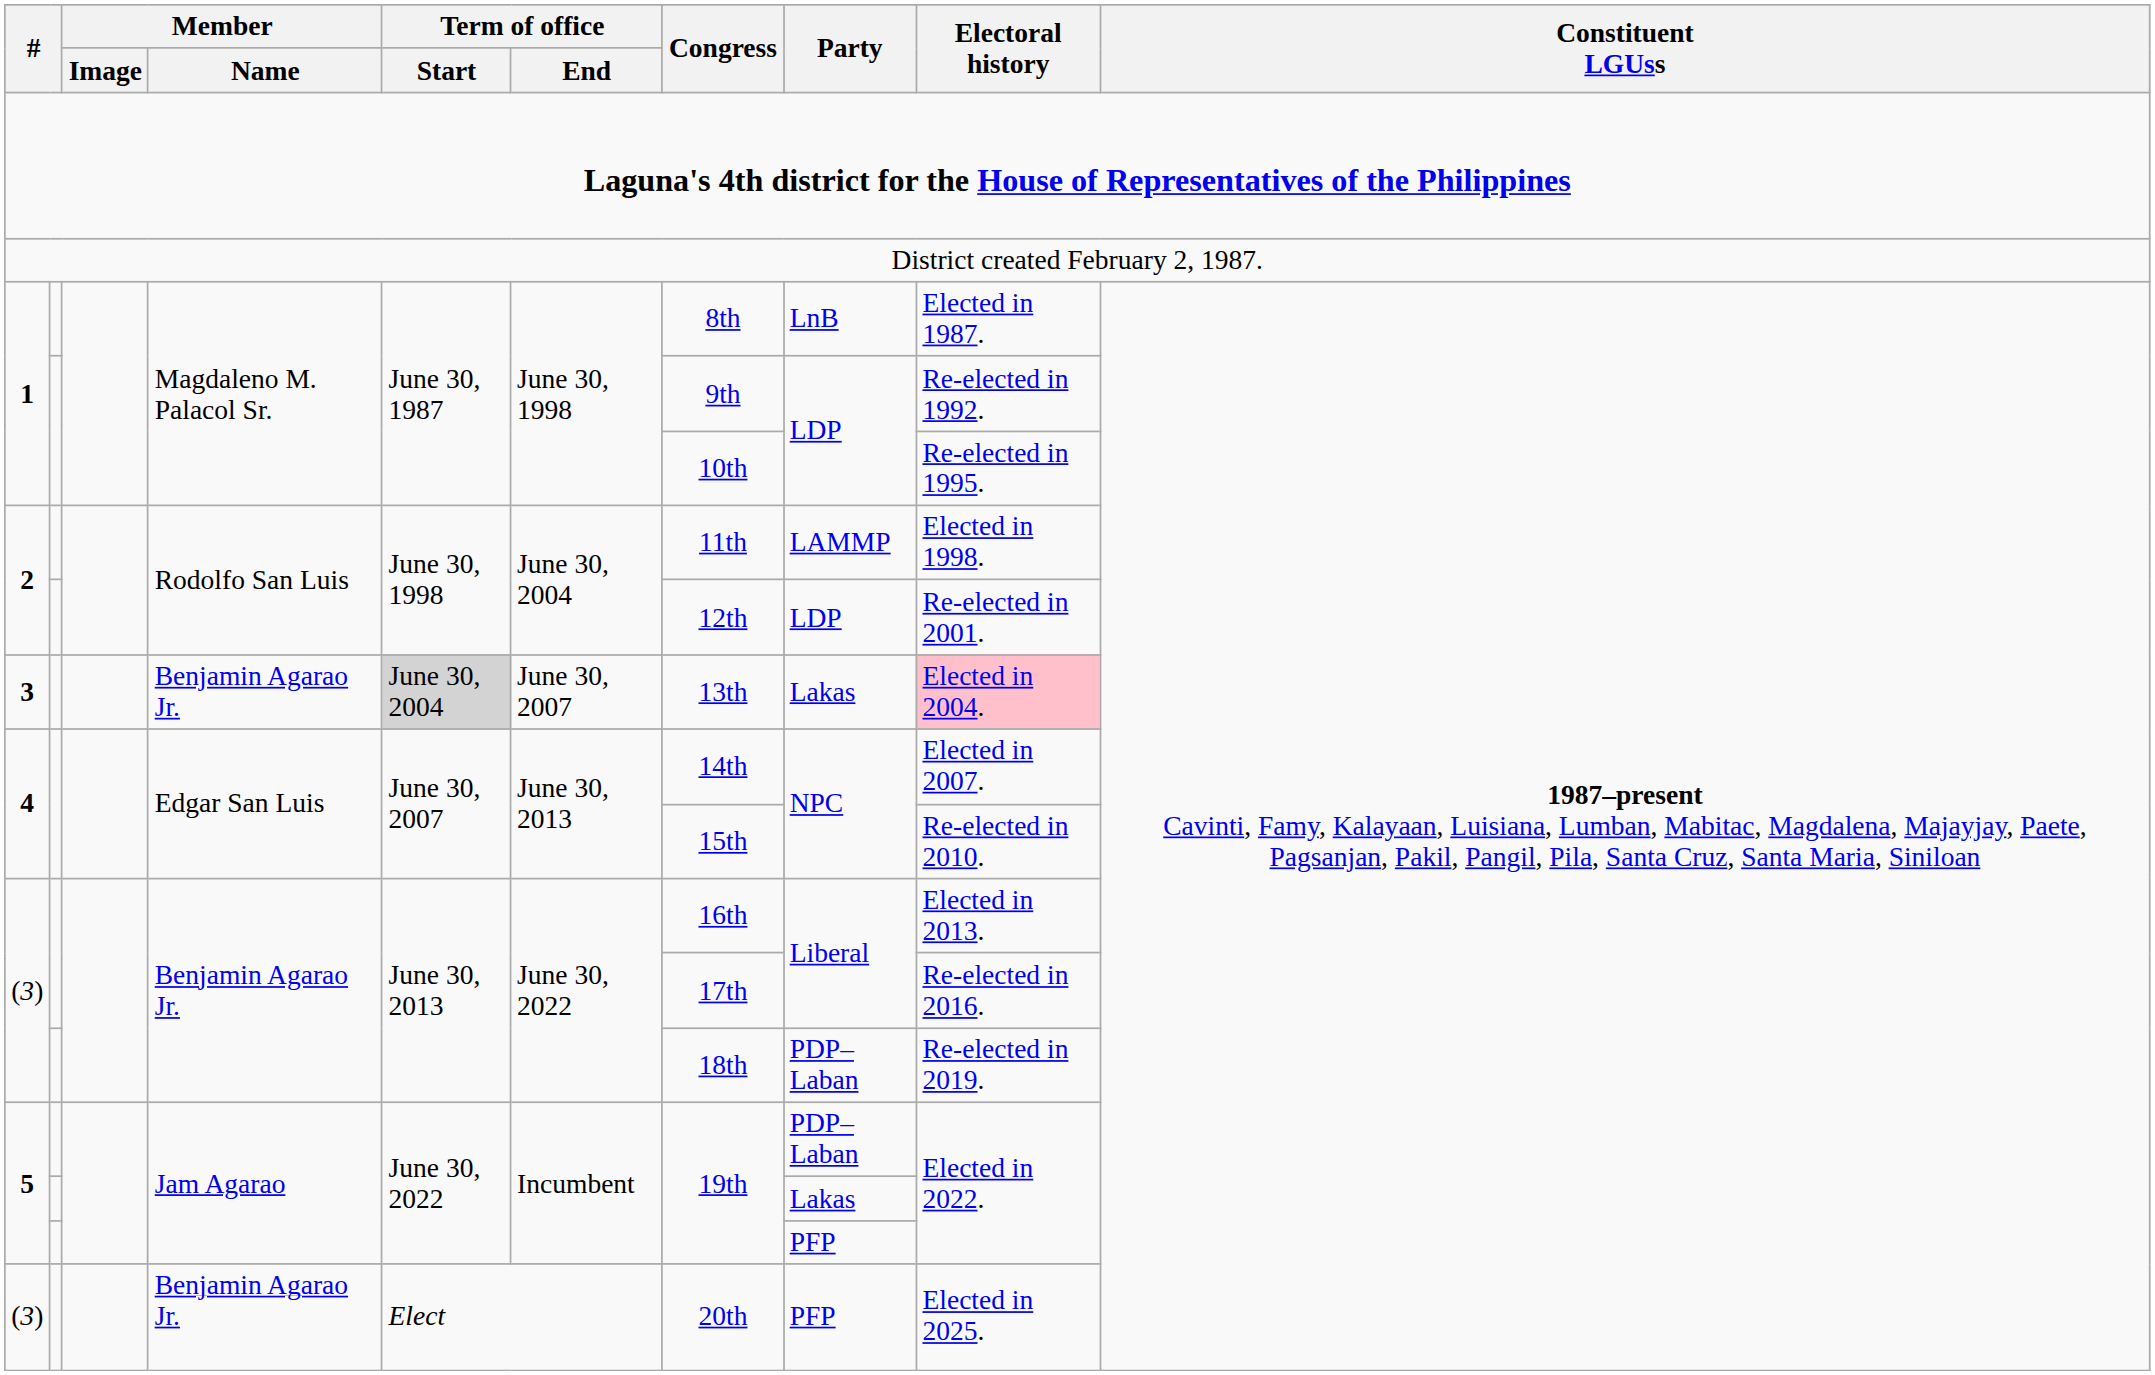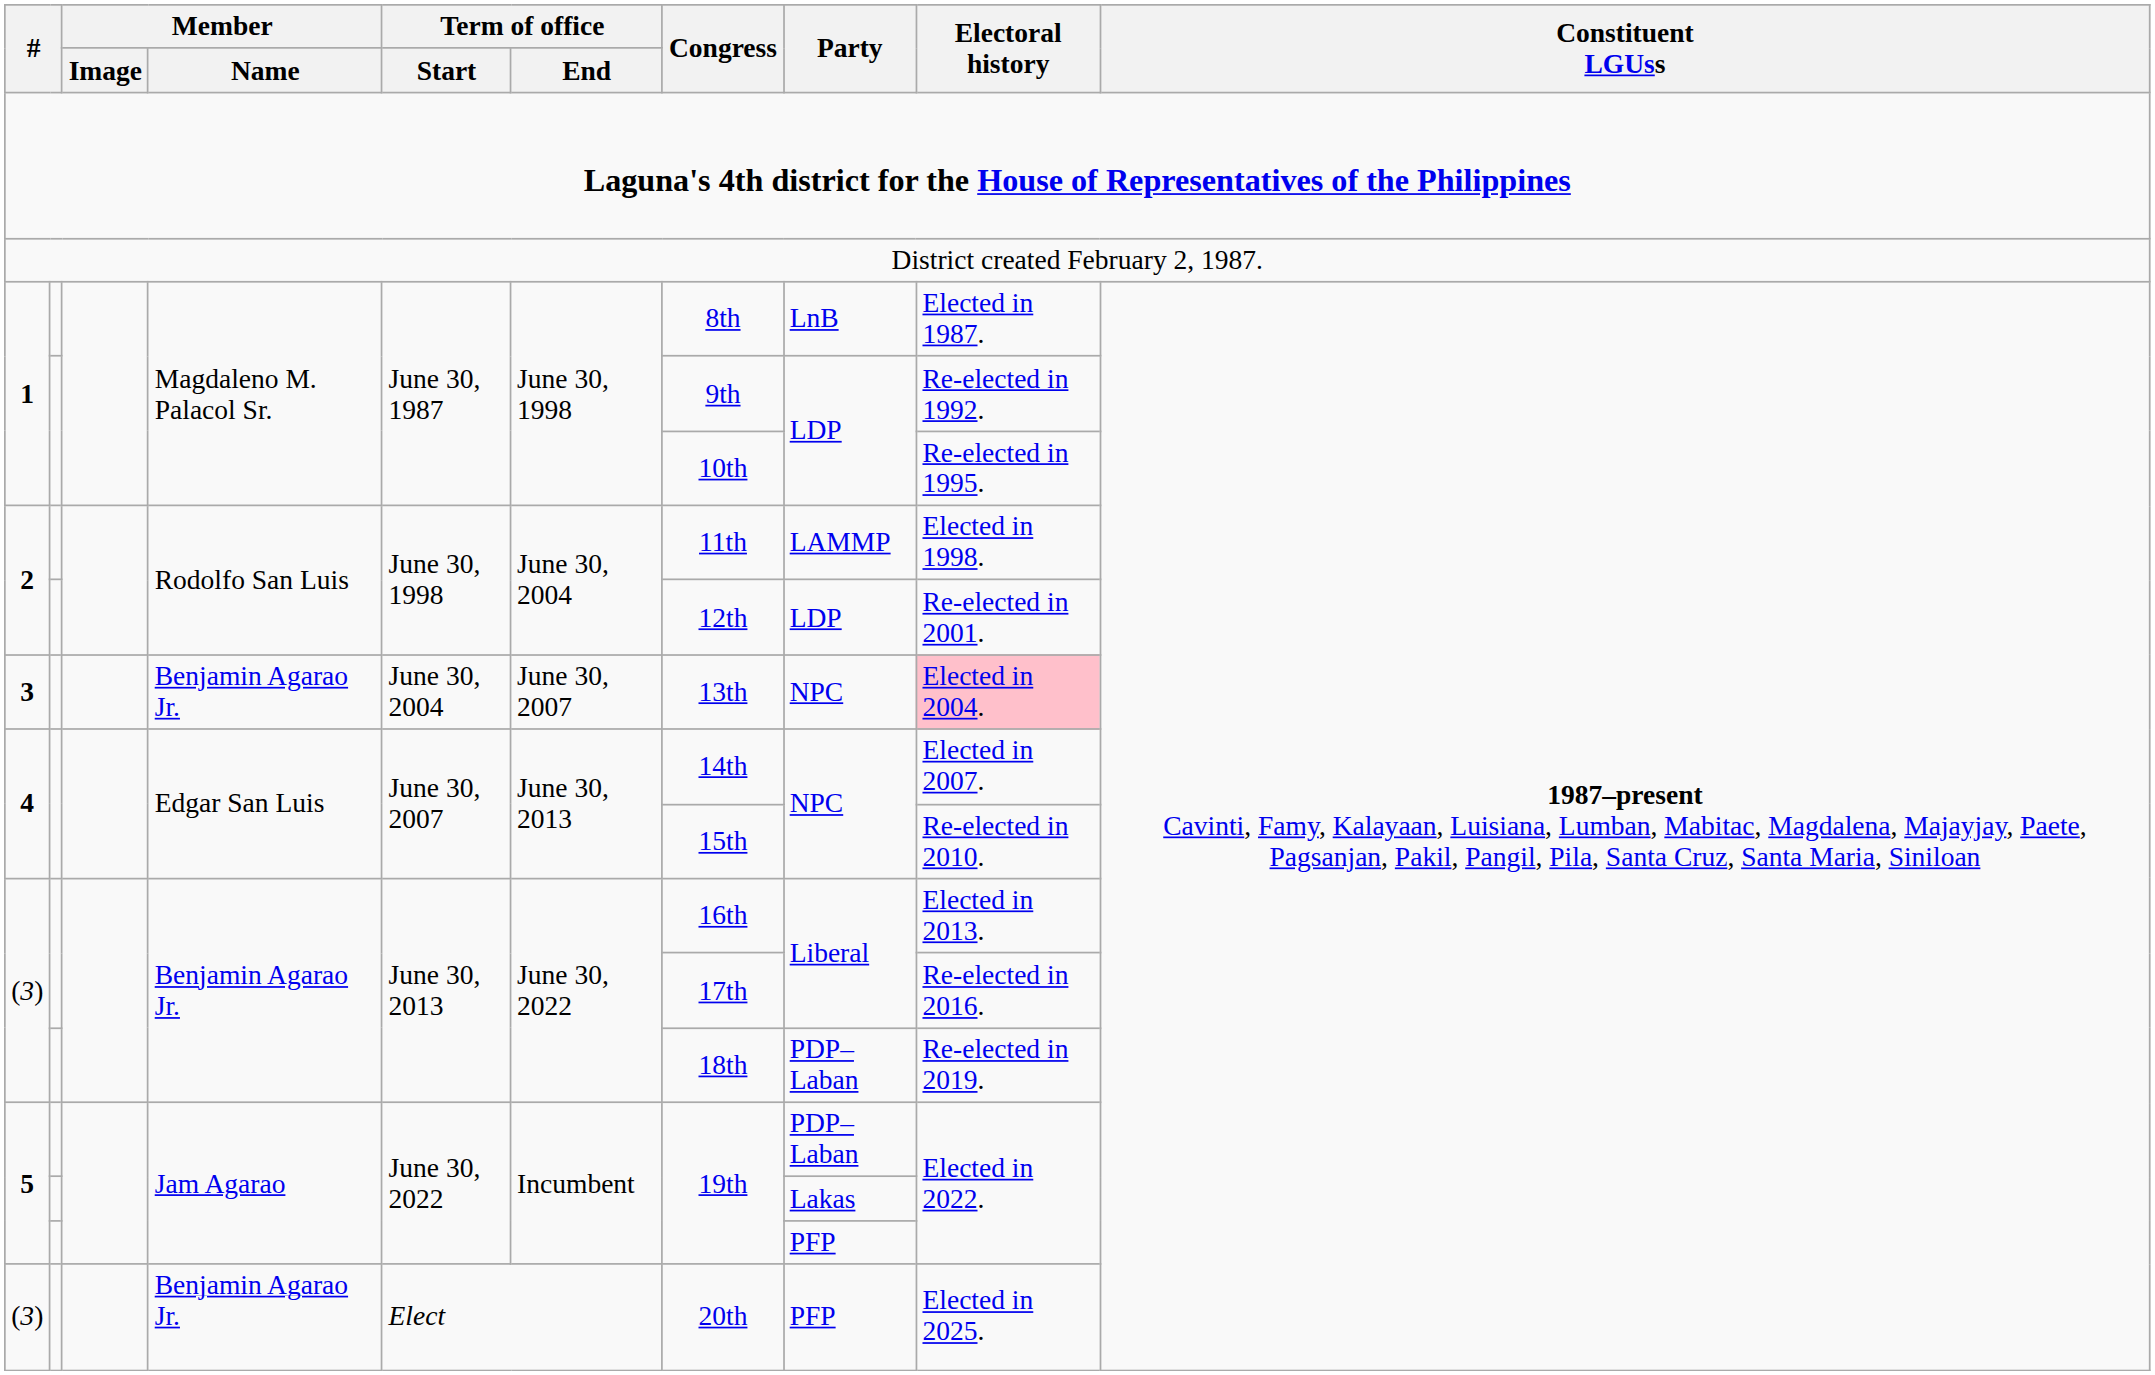 <table class=wikitable>
 <tr>
 <th rowspan="2" colspan=2>#</th>
 <th colspan=2>Member</th>
 <th colspan=2>Term of office</th>
 <th rowspan="2">Congress</th>
 <th rowspan="2">Party</th>
 <th rowspan="2">Electoral history</th>
 <th rowspan="2">Constituent<br><a href='#'>LGUs</a>s</th>
 </tr>
 <tr>
 <th>Image</th>
 <th>Name<br></th>
 <th>Start</th>
 <th>End</th>
 </tr>
 <tr>
 <td colspan="10" style="text-align:center;"><br><h3>Laguna's 4th district for the <a href='#'>House of Representatives of the Philippines</a></h3></td>
 </tr>
 <tr>
 <td colspan="10" style="text-align:center;">District created February 2, 1987.</td>
 </tr>
 <tr>
 <td rowspan="3" style="text-align:center;"><strong>1</strong></td>
 <td style="background:"></td>
 <td rowspan="3"></td>
 <td rowspan="3">Magdaleno M. Palacol Sr.<br></td>
 <td rowspan="3">June 30, 1987</td>
 <td rowspan="3">June 30, 1998</td>
 <td style="text-align:center;"><a href='#'>8th</a></td>
 <td><a href='#'>LnB</a></td>
 <td><a href='#'>Elected in 1987</a>.</td>
 <td rowspan="19" style="text-align:center;"><strong>1987–present</strong><br><a href='#'>Cavinti</a>, <a href='#'>Famy</a>, <a href='#'>Kalayaan</a>, <a href='#'>Luisiana</a>, <a href='#'>Lumban</a>, <a href='#'>Mabitac</a>, <a href='#'>Magdalena</a>, <a href='#'>Majayjay</a>, <a href='#'>Paete</a>, <a href='#'>Pagsanjan</a>, <a href='#'>Pakil</a>, <a href='#'>Pangil</a>, <a href='#'>Pila</a>, <a href='#'>Santa Cruz</a>, <a href='#'>Santa Maria</a>, <a href='#'>Siniloan</a></td>
 </tr>
 <tr>
 <td rowspan="2" style="background:"></td>
 <td style="text-align:center;"><a href='#'>9th</a></td>
 <td rowspan="2"><a href='#'>LDP</a></td>
 <td><a href='#'>Re-elected in 1992</a>.</td>
 </tr>
 <tr>
 <td style="text-align:center;"><a href='#'>10th</a></td>
 <td><a href='#'>Re-elected in 1995</a>.</td>
 </tr>
 <tr>
 <td rowspan="2" style="text-align:center;"><strong>2</strong></td>
 <td style="background:"></td>
 <td rowspan="2"></td>
 <td rowspan="2">Rodolfo San Luis<br></td>
 <td rowspan="2">June 30, 1998</td>
 <td rowspan="2">June 30, 2004</td>
 <td style="text-align:center;"><a href='#'>11th</a></td>
 <td><a href='#'>LAMMP</a></td>
 <td><a href='#'>Elected in 1998</a>.</td>
 </tr>
 <tr>
 <td style="background:"></td>
 <td style="text-align:center;"><a href='#'>12th</a></td>
 <td><a href='#'>LDP</a></td>
 <td><a href='#'>Re-elected in 2001</a>.</td>
 </tr>
 <tr>
 <td style="text-align:center;"><strong>3</strong></td>
 <td style="background:"></td>
 <td></td>
 <td><a href='#'>Benjamin Agarao Jr.</a><br></td>
-<td style="background: lightgrey;">June 30, 2004</td>
+<td>June 30, 2004</td>
 <td>June 30, 2007</td>
 <td style="text-align:center;"><a href='#'>13th</a></td>
-<td><a href='#'>Lakas</a></td>
+<td><a href='#'>NPC</a></td>
 <td style="background: pink;"><a href='#'>Elected in 2004</a>.</td>
 </tr>
 <tr>
 <td rowspan="2" style="text-align:center;"><strong>4</strong></td>
 <td rowspan="2" style="background:"></td>
 <td rowspan="2"></td>
 <td rowspan="2">Edgar San Luis<br></td>
 <td rowspan="2">June 30, 2007</td>
 <td rowspan="2">June 30, 2013</td>
 <td style="text-align:center;"><a href='#'>14th</a></td>
 <td rowspan="2"><a href='#'>NPC</a></td>
 <td><a href='#'>Elected in 2007</a>.</td>
 </tr>
 <tr>
 <td style="text-align:center;"><a href='#'>15th</a></td>
 <td><a href='#'>Re-elected in 2010</a>.</td>
 </tr>
 <tr>
 <td rowspan="3" style="text-align:center;">(<em>3</em>)</td>
 <td rowspan="2" style="background:"></td>
 <td rowspan="3"></td>
 <td rowspan="3"><a href='#'>Benjamin Agarao Jr.</a><br></td>
 <td rowspan="3">June 30, 2013</td>
 <td rowspan="3">June 30, 2022</td>
 <td style="text-align:center;"><a href='#'>16th</a></td>
 <td rowspan="2"><a href='#'>Liberal</a></td>
 <td><a href='#'>Elected in 2013</a>.</td>
 </tr>
 <tr>
 <td style="text-align:center;"><a href='#'>17th</a></td>
 <td><a href='#'>Re-elected in 2016</a>.</td>
 </tr>
 <tr>
 <td style="background:"></td>
 <td style="text-align:center;"><a href='#'>18th</a></td>
 <td><a href='#'>PDP–Laban</a></td>
 <td><a href='#'>Re-elected in 2019</a>.</td>
 </tr>
 <tr>
 <td rowspan="3" style="text-align:center;"><strong>5</strong></td>
 <td style="background:"></td>
 <td rowspan="3"></td>
 <td rowspan="3"><a href='#'>Jam Agarao</a><br></td>
 <td rowspan="3">June 30, 2022</td>
 <td rowspan="3">Incumbent</td>
 <td rowspan="3" style="text-align:center;"><a href='#'>19th</a></td>
 <td><a href='#'>PDP–Laban</a></td>
 <td rowspan="3"><a href='#'>Elected in 2022</a>.</td>
 </tr>
 <tr>
 <td style="background:"></td>
 <td><a href='#'>Lakas</a></td>
 </tr>
 <tr>
 <td style="background:"></td>
 <td><a href='#'>PFP</a></td>
 </tr>
 <tr>
 <td style="text-align:center;">(<em>3</em>)</td>
 <td style="background:"></td>
 <td></td>
 <td><a href='#'>Benjamin Agarao Jr.</a><br><br></td>
 <td colspan="2"><em>Elect</em></td>
 <td style="text-align:center;"><a href='#'>20th</a></td>
 <td><a href='#'>PFP</a></td>
 <td><a href='#'>Elected in 2025</a>.</td>
 </tr>
 </table>
